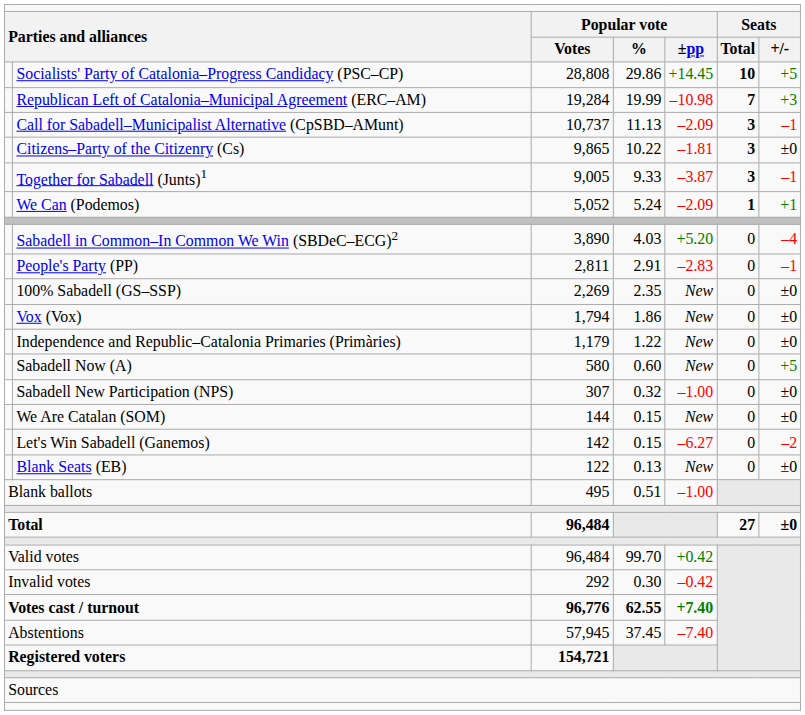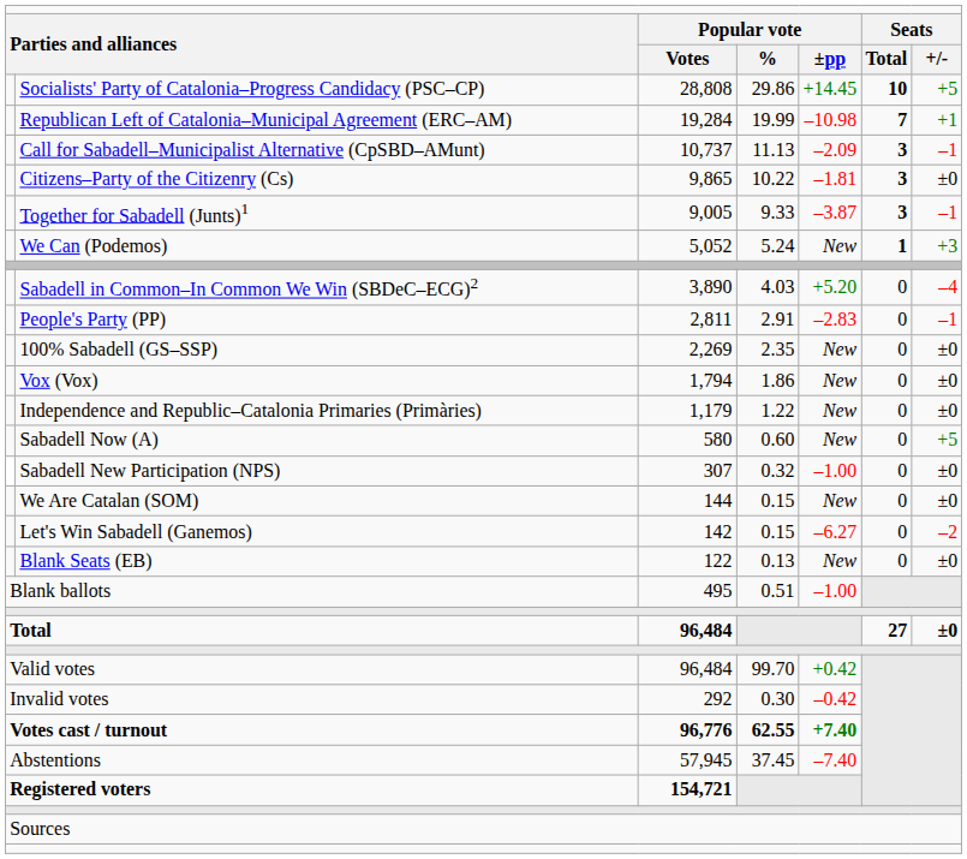 <table class="wikitable" style="text-align:right;">
 <tr>
 <td colspan="7"></td>
 </tr>
 <tr>
 <th style="text-align:left;" rowspan="2" colspan="2" width="525">Parties and alliances</th>
 <th colspan="3">Popular vote</th>
 <th colspan="2">Seats</th>
 </tr>
 <tr>
 <th width="75">Votes</th>
 <th width="45">%</th>
 <th width="45">±<a href='#'>pp</a></th>
 <th width="35">Total</th>
 <th width="35">+/-</th>
 </tr>
 <tr>
 <td width="1" style="color:inherit;background:"></td>
 <td align="left"><a href='#'>Socialists' Party of Catalonia–Progress Candidacy</a> (PSC–CP)</td>
 <td>28,808</td>
 <td>29.86</td>
 <td style="color:green;">+14.45</td>
 <td><strong>10</strong></td>
 <td style="color:green;">+5</td>
 </tr>
 <tr>
 <td style="color:inherit;background:"></td>
 <td align="left"><a href='#'>Republican Left of Catalonia–Municipal Agreement</a> (ERC–AM)</td>
 <td>19,284</td>
 <td>19.99</td>
 <td style="color:red;">–10.98</td>
 <td><strong>7</strong></td>
-<td style="color:green;">+3</td>
+<td style="color:green;">+1</td>
 </tr>
 <tr>
 <td style="color:inherit;background:"></td>
 <td align="left"><a href='#'>Call for Sabadell–Municipalist Alternative</a> (CpSBD–AMunt)</td>
 <td>10,737</td>
 <td>11.13</td>
 <td style="color:red;">–2.09</td>
 <td><strong>3</strong></td>
 <td style="color:red;">–1</td>
 </tr>
 <tr>
 <td style="color:inherit;background:"></td>
 <td align="left"><a href='#'>Citizens–Party of the Citizenry</a> (Cs)</td>
 <td>9,865</td>
 <td>10.22</td>
 <td style="color:red;">–1.81</td>
 <td><strong>3</strong></td>
 <td>±0</td>
 </tr>
 <tr>
 <td style="color:inherit;background:"></td>
 <td align="left"><a href='#'>Together for Sabadell</a> (Junts)<sup>1</sup></td>
 <td>9,005</td>
 <td>9.33</td>
 <td style="color:red;">–3.87</td>
 <td><strong>3</strong></td>
 <td style="color:red;">–1</td>
 </tr>
 <tr>
 <td style="color:inherit;background:"></td>
 <td align="left"><a href='#'>We Can</a> (Podemos)</td>
 <td>5,052</td>
 <td>5.24</td>
-<td style="color:red;">–2.09</td>
+<td><em>New</em></td>
 <td><strong>1</strong></td>
-<td style="color:green;">+1</td>
+<td style="color:green;">+3</td>
 </tr>
 <tr>
 <td colspan="7" bgcolor="#C0C0C0"></td>
 </tr>
 <tr>
 <td style="color:inherit;background:"></td>
 <td align="left"><a href='#'>Sabadell in Common–In Common We Win</a> (SBDeC–ECG)<sup>2</sup></td>
 <td>3,890</td>
 <td>4.03</td>
 <td style="color:green;">+5.20</td>
 <td>0</td>
 <td style="color:red;">–4</td>
 </tr>
 <tr>
 <td style="color:inherit;background:"></td>
 <td align="left"><a href='#'>People's Party</a> (PP)</td>
 <td>2,811</td>
 <td>2.91</td>
 <td style="color:red;">–2.83</td>
 <td>0</td>
 <td style="color:red;">–1</td>
 </tr>
 <tr>
 <td style="color:inherit;background:"></td>
 <td align="left">100% Sabadell (GS–SSP)</td>
 <td>2,269</td>
 <td>2.35</td>
 <td><em>New</em></td>
 <td>0</td>
 <td>±0</td>
 </tr>
 <tr>
 <td style="color:inherit;background:"></td>
 <td align="left"><a href='#'>Vox</a> (Vox)</td>
 <td>1,794</td>
 <td>1.86</td>
 <td><em>New</em></td>
 <td>0</td>
 <td>±0</td>
 </tr>
 <tr>
 <td style="color:inherit;background:"></td>
 <td align="left">Independence and Republic–Catalonia Primaries (Primàries)</td>
 <td>1,179</td>
 <td>1.22</td>
 <td><em>New</em></td>
 <td>0</td>
 <td>±0</td>
 </tr>
 <tr>
 <td style="color:inherit;background:"></td>
 <td align="left">Sabadell Now (A)</td>
 <td>580</td>
 <td>0.60</td>
 <td><em>New</em></td>
 <td>0</td>
 <td style="color:green;">+5</td>
 </tr>
 <tr>
 <td bgcolor="white"></td>
 <td align="left">Sabadell New Participation (NPS)</td>
 <td>307</td>
 <td>0.32</td>
 <td style="color:red;">–1.00</td>
 <td>0</td>
 <td>±0</td>
 </tr>
 <tr>
 <td style="color:inherit;background:"></td>
 <td align="left">We Are Catalan (SOM)</td>
 <td>144</td>
 <td>0.15</td>
 <td><em>New</em></td>
 <td>0</td>
 <td>±0</td>
 </tr>
 <tr>
 <td style="color:inherit;background:"></td>
 <td align="left">Let's Win Sabadell (Ganemos)</td>
 <td>142</td>
 <td>0.15</td>
 <td style="color:red;">–6.27</td>
 <td>0</td>
 <td style="color:red;">–2</td>
 </tr>
 <tr>
 <td style="color:inherit;background:"></td>
 <td align="left"><a href='#'>Blank Seats</a> (EB)</td>
 <td>122</td>
 <td>0.13</td>
 <td><em>New</em></td>
 <td>0</td>
 <td>±0</td>
 </tr>
 <tr>
 <td align="left" colspan="2">Blank ballots</td>
 <td>495</td>
 <td>0.51</td>
 <td style="color:red;">–1.00</td>
 <td bgcolor="#E9E9E9" colspan="2"></td>
 </tr>
 <tr>
 <td colspan="7" bgcolor="#E9E9E9"></td>
 </tr>
 <tr style="font-weight:bold;">
 <td align="left" colspan="2">Total</td>
 <td>96,484</td>
 <td bgcolor="#E9E9E9" colspan="2"></td>
 <td>27</td>
 <td>±0</td>
 </tr>
 <tr>
 <td colspan="7" bgcolor="#E9E9E9"></td>
 </tr>
 <tr>
 <td align="left" colspan="2">Valid votes</td>
 <td>96,484</td>
 <td>99.70</td>
 <td style="color:green;">+0.42</td>
 <td bgcolor="#E9E9E9" colspan="2" rowspan="5"></td>
 </tr>
 <tr>
 <td align="left" colspan="2">Invalid votes</td>
 <td>292</td>
 <td>0.30</td>
 <td style="color:red;">–0.42</td>
 </tr>
 <tr style="font-weight:bold;">
 <td align="left" colspan="2">Votes cast / turnout</td>
 <td>96,776</td>
 <td>62.55</td>
 <td style="color:green;">+7.40</td>
 </tr>
 <tr>
 <td align="left" colspan="2">Abstentions</td>
 <td>57,945</td>
 <td>37.45</td>
 <td style="color:red;">–7.40</td>
 </tr>
 <tr style="font-weight:bold;">
 <td align="left" colspan="2">Registered voters</td>
 <td>154,721</td>
 <td bgcolor="#E9E9E9" colspan="2"></td>
 </tr>
 <tr>
 <td colspan="7" bgcolor="#E9E9E9"></td>
 </tr>
 <tr>
 <td align="left" colspan="7">Sources</td>
 </tr>
 <tr>
 <td colspan="7" style="text-align:left; max-width:790px;"></td>
 </tr>
 </table>
